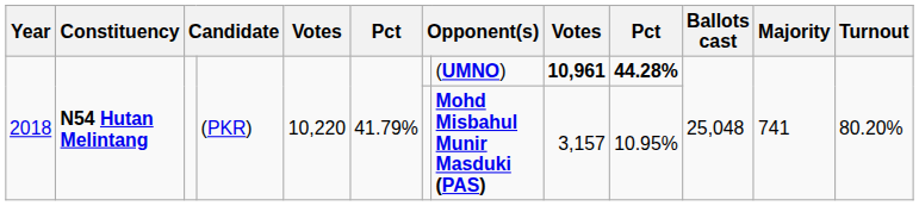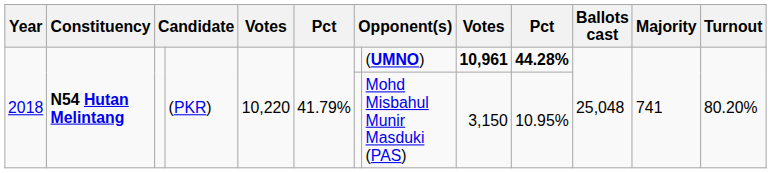 <table class="wikitable" style="margin:0.5em ; font-size:95%">
 <tr>
 <th>Year</th>
 <th>Constituency</th>
 <th colspan="2">Candidate</th>
 <th>Votes</th>
 <th>Pct</th>
 <th colspan="2">Opponent(s)</th>
 <th>Votes</th>
 <th>Pct</th>
 <th>Ballots cast</th>
 <th>Majority</th>
 <th>Turnout</th>
 </tr>
 <tr>
 <td rowspan="2"><a href='#'>2018</a></td>
 <td rowspan=2><strong>N54 <a href='#'>Hutan Melintang</a></strong></td>
 <td rowspan="2" ></td>
 <td rowspan="2"> (<a href='#'>PKR</a>)</td>
 <td rowspan="2"  align="right">10,220</td>
 <td rowspan="2">41.79%</td>
 <td></td>
 <td> (<a href='#'><strong>UMNO</strong></a>)</td>
 <td align="right"><strong>10,961</strong></td>
 <td><strong>44.28%</strong></td>
 <td rowspan="2">25,048</td>
 <td rowspan="2">741</td>
 <td rowspan="2">80.20%</td>
 </tr>
 <tr>
 <td></td>
-<td><strong><a href='#'>Mohd Misbahul Munir Masduki</a> (<a href='#'>PAS</a>)</strong></td>
-<td align="right">3,157</td>
+<td><a href='#'>Mohd Misbahul Munir Masduki</a> (<a href='#'>PAS</a>)</td>
+<td align="right">3,150</td>
 <td>10.95%</td>
 </tr>
 </table>
